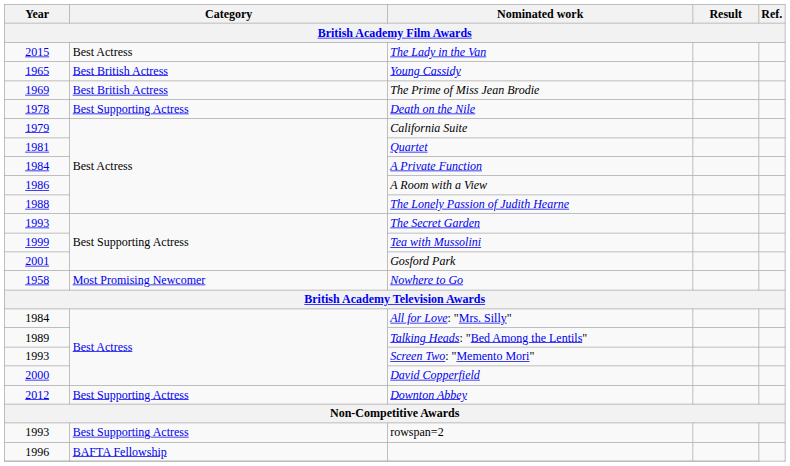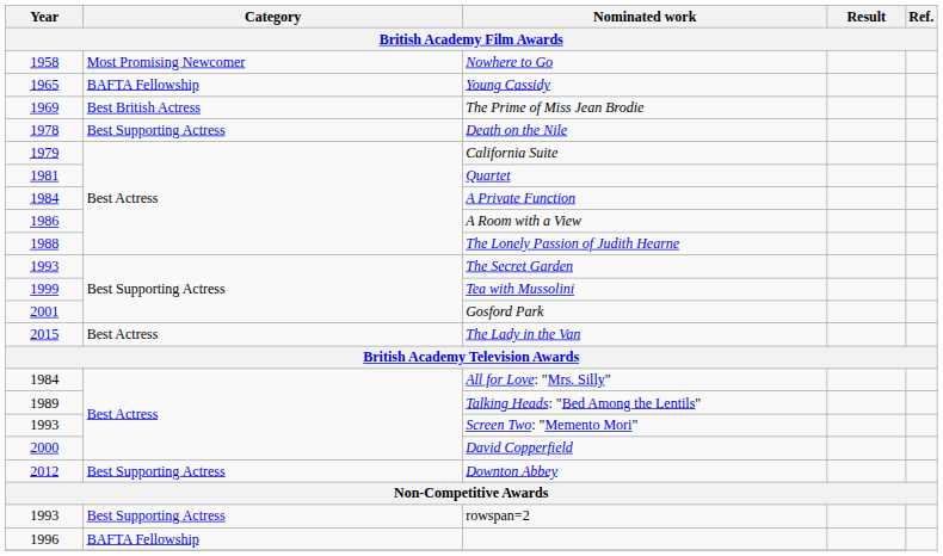 <table class=wikitable>
 <tr>
 <th scope="col" style="width:5em;">Year</th>
 <th scope="col" style="width:26em;">Category</th>
 <th scope="col" style="width:25em;">Nominated work</th>
 <th scope="col" style="width:5em;">Result</th>
 <th>Ref.</th>
 </tr>
 <tr>
 <th colspan=5><a href='#'>British Academy Film Awards</a></th>
 </tr>
 <tr>
-<td style="text-align:center;"><a href='#'>2015</a></td>
-<td>Best Actress</td>
-<td><em><a href='#'>The Lady in the Van</a></em></td>
+<td style="text-align:center;"><a href='#'>1958</a></td>
+<td><a href='#'>Most Promising Newcomer</a></td>
+<td><em><a href='#'>Nowhere to Go</a></em></td>
 <td></td>
 <td style="text-align:center;"></td>
 </tr>
 <tr>
 <td style="text-align:center;"><a href='#'>1965</a></td>
-<td><a href='#'>Best British Actress</a></td>
+<td><a href='#'>BAFTA Fellowship</a></td>
 <td><em><a href='#'>Young Cassidy</a></em></td>
 <td></td>
 <td style="text-align:center;"></td>
 </tr>
 <tr>
 <td style="text-align:center;"><a href='#'>1969</a></td>
 <td><a href='#'>Best British Actress</a></td>
 <td><em>The Prime of Miss Jean Brodie</em></td>
 <td></td>
 <td style="text-align:center;"></td>
 </tr>
 <tr>
 <td style="text-align:center;"><a href='#'>1978</a></td>
 <td><a href='#'>Best Supporting Actress</a></td>
 <td><em><a href='#'>Death on the Nile</a></em></td>
 <td></td>
 <td style="text-align:center;"></td>
 </tr>
 <tr>
 <td style="text-align:center;"><a href='#'>1979</a></td>
 <td rowspan=5>Best Actress</td>
 <td><em>California Suite</em></td>
 <td></td>
 <td style="text-align:center;"></td>
 </tr>
 <tr>
 <td style="text-align:center;"><a href='#'>1981</a></td>
 <td><em><a href='#'>Quartet</a></em></td>
 <td></td>
 <td style="text-align:center;"></td>
 </tr>
 <tr>
 <td style="text-align:center;"><a href='#'>1984</a></td>
 <td><em><a href='#'>A Private Function</a></em></td>
 <td></td>
 <td style="text-align:center;"></td>
 </tr>
 <tr>
 <td style="text-align:center;"><a href='#'>1986</a></td>
 <td><em>A Room with a View</em></td>
 <td></td>
 <td style="text-align:center;"></td>
 </tr>
 <tr>
 <td style="text-align:center;"><a href='#'>1988</a></td>
 <td><em><a href='#'>The Lonely Passion of Judith Hearne</a></em></td>
 <td></td>
 <td style="text-align:center;"></td>
 </tr>
 <tr>
 <td style="text-align:center;"><a href='#'>1993</a></td>
 <td rowspan=3>Best Supporting Actress</td>
 <td><em><a href='#'>The Secret Garden</a></em></td>
 <td></td>
 <td style="text-align:center;"></td>
 </tr>
 <tr>
 <td style="text-align:center;"><a href='#'>1999</a></td>
 <td><em><a href='#'>Tea with Mussolini</a></em></td>
 <td></td>
 <td style="text-align:center;"></td>
 </tr>
 <tr>
 <td style="text-align:center;"><a href='#'>2001</a></td>
 <td><em>Gosford Park</em></td>
 <td></td>
 <td style="text-align:center;"></td>
 </tr>
 <tr>
-<td style="text-align:center;"><a href='#'>1958</a></td>
-<td><a href='#'>Most Promising Newcomer</a></td>
-<td><em><a href='#'>Nowhere to Go</a></em></td>
+<td style="text-align:center;"><a href='#'>2015</a></td>
+<td>Best Actress</td>
+<td><em><a href='#'>The Lady in the Van</a></em></td>
 <td></td>
 <td style="text-align:center;"></td>
 </tr>
 <tr>
 <th colspan=5><a href='#'>British Academy Television Awards</a></th>
 </tr>
 <tr>
 <td style="text-align:center;">1984</td>
 <td rowspan=4><a href='#'>Best Actress</a></td>
 <td><em><a href='#'>All for Love</a></em>: "<a href='#'>Mrs. Silly</a>"</td>
 <td></td>
 <td style="text-align:center;"></td>
 </tr>
 <tr>
 <td style="text-align:center;">1989</td>
 <td><em><a href='#'>Talking Heads</a></em>: "<a href='#'>Bed Among the Lentils</a>"</td>
 <td></td>
 <td style="text-align:center;"></td>
 </tr>
 <tr>
 <td style="text-align:center;">1993</td>
 <td><em><a href='#'>Screen Two</a></em>: "<a href='#'>Memento Mori</a>"</td>
 <td></td>
 <td style="text-align:center;"></td>
 </tr>
 <tr>
 <td style="text-align:center;"><a href='#'>2000</a></td>
 <td><em><a href='#'>David Copperfield</a></em></td>
 <td></td>
 <td style="text-align:center;"></td>
 </tr>
 <tr>
 <td style="text-align:center;"><a href='#'>2012</a></td>
 <td><a href='#'>Best Supporting Actress</a></td>
 <td><em><a href='#'>Downton Abbey</a></em></td>
 <td></td>
 <td style="text-align:center;"></td>
 </tr>
 <tr>
 <th colspan=5>Non-Competitive Awards</th>
 </tr>
 <tr>
 <td style="text-align:center;">1993</td>
 <td><a href='#'>Best Supporting Actress</a></td>
 <td>rowspan=2 </td>
 <td></td>
 <td style="text-align:center;"></td>
 </tr>
 <tr>
 <td style="text-align:center;">1996</td>
 <td><a href='#'>BAFTA Fellowship</a></td>
 <td></td>
 <td style="text-align:center;"></td>
 </tr>
 <tr>
 </tr>
 </table>
